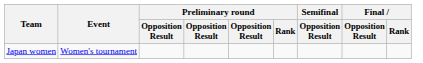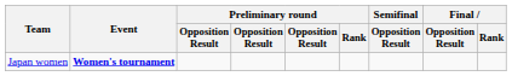 <table class=wikitable style=font-size:90%;text-align:center>
 <tr>
 <th rowspan=2>Team</th>
 <th rowspan=2>Event</th>
 <th colspan=4>Preliminary round</th>
 <th>Semifinal</th>
 <th colspan=2>Final / </th>
 </tr>
 <tr style=font-size:95%>
 <th>Opposition<br>Result</th>
 <th>Opposition<br>Result</th>
 <th>Opposition<br>Result</th>
 <th>Rank</th>
 <th>Opposition<br>Result</th>
 <th>Opposition<br>Result</th>
 <th>Rank</th>
 </tr>
 <tr>
 <td align=left><a href='#'>Japan women</a></td>
-<td align=left><a href='#'>Women's tournament</a></td>
+<td align=left><strong><a href='#'>Women's tournament</a></strong></td>
 <td></td>
 <td></td>
 <td></td>
 <td></td>
 <td></td>
 <td></td>
 <td></td>
 </tr>
 </table>
